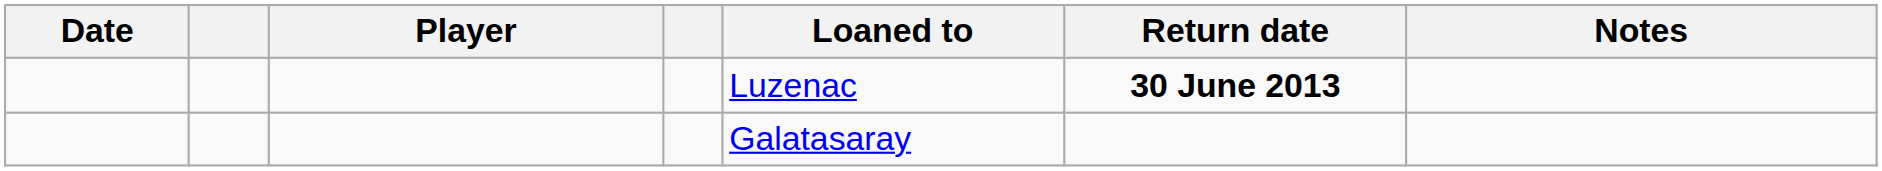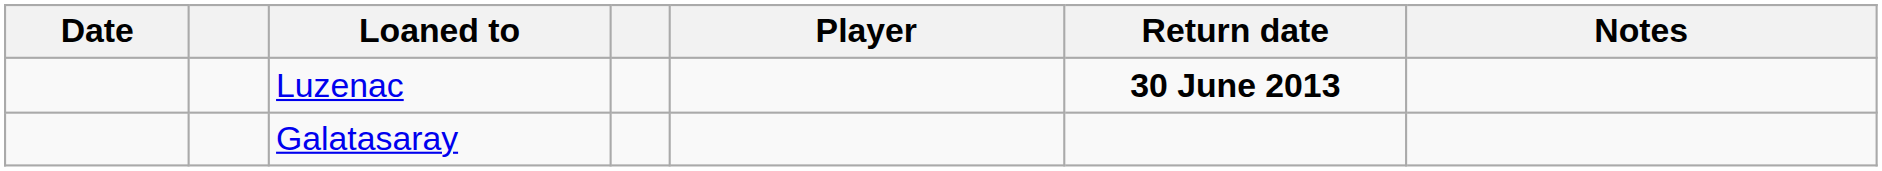 <table class="wikitable sortable">
 <tr>
 <th style="width:80px;">Date</th>
 <th style="width:30px;"></th>
+<th style="width:155px;">Loaned to</th>
+<th style="width:20px;"></th>
 <th style="width:180px;">Player</th>
-<th style="width:20px;"></th>
-<th style="width:155px;">Loaned to</th>
 <th style="width:155px;" class="unsortable">Return date</th>
 <th style="width:215px;" class="unsortable">Notes</th>
 </tr>
 <tr>
 <td></td>
 <td align=center></td>
+<td> <a href='#'>Luzenac</a></td>
+<td></td>
 <td> </td>
-<td></td>
-<td> <a href='#'>Luzenac</a></td>
 <td align=center><strong>30 June 2013</strong></td>
 <td align=center></td>
 </tr>
 <tr>
 <td></td>
 <td align=center></td>
+<td> <a href='#'>Galatasaray</a></td>
+<td></td>
 <td> </td>
-<td></td>
-<td> <a href='#'>Galatasaray</a></td>
 <td align=center></td>
 <td align=center></td>
 </tr>
 </table>
